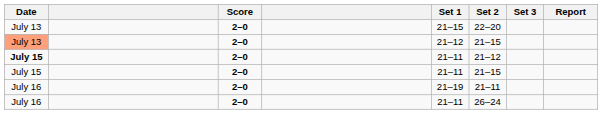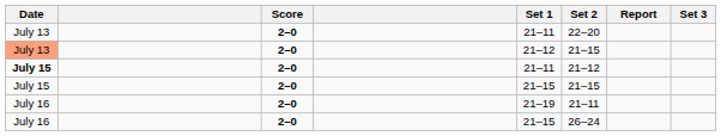 <table class="wikitable" style="text-align: center; font-size:90% ">
 <tr>
 <th width="60">Date</th>
 <th align="right" width="250"></th>
 <th width="60">Score</th>
 <th align="left" width="250"></th>
 <th width="50">Set 1</th>
 <th width="50">Set 2</th>
+<th width="75">Report</th>
 <th width="50">Set 3</th>
-<th width="75">Report</th>
 </tr>
 <tr>
 <td>July 13</td>
 <td align=left><strong></strong></td>
 <td align=center><strong>2–0</strong></td>
 <td align=left></td>
-<td>21–15</td>
+<td>21–11</td>
 <td>22–20</td>
 <td></td>
 <td></td>
 </tr>
 <tr>
 <td style="background: lightsalmon;">July 13</td>
 <td align=left><strong></strong></td>
 <td align=center><strong>2–0</strong></td>
 <td align=left></td>
 <td>21–12</td>
 <td>21–15</td>
 <td></td>
 <td></td>
 </tr>
 <tr>
 <td><strong>July 15</strong></td>
 <td align=left><strong></strong></td>
 <td align=center><strong>2–0</strong></td>
 <td align=left></td>
 <td>21–11</td>
 <td>21–12</td>
 <td></td>
 <td></td>
 </tr>
 <tr>
 <td>July 15</td>
 <td align=left><strong></strong></td>
 <td align=center><strong>2–0</strong></td>
 <td align=left></td>
-<td>21–11</td>
+<td>21–15</td>
 <td>21–15</td>
 <td></td>
 <td></td>
 </tr>
 <tr>
 <td>July 16</td>
 <td align=left><strong></strong></td>
 <td align=center><strong>2–0</strong></td>
 <td align=left></td>
 <td>21–19</td>
 <td>21–11</td>
 <td></td>
 <td></td>
 </tr>
 <tr>
 <td>July 16</td>
 <td align=left><strong></strong></td>
 <td align=center><strong>2–0</strong></td>
 <td align=left></td>
-<td>21–11</td>
+<td>21–15</td>
 <td>26–24</td>
 <td></td>
 <td></td>
 </tr>
 </table>
